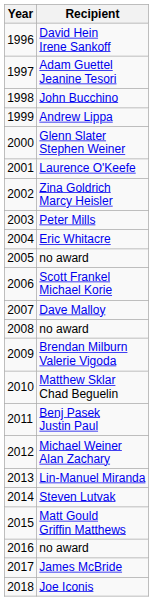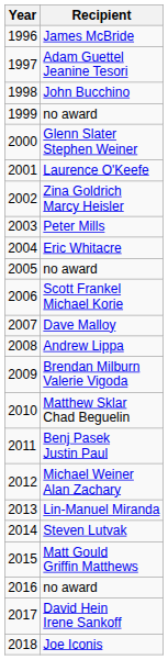 <table class="wikitable">
 <tr>
 <th>Year</th>
 <th>Recipient</th>
 </tr>
 <tr>
 <td>1996</td>
-<td><a href='#'>David Hein</a><br><a href='#'>Irene Sankoff</a></td>
+<td><a href='#'>James McBride</a></td>
 </tr>
 <tr>
 <td>1997</td>
 <td><a href='#'>Adam Guettel</a><br><a href='#'>Jeanine Tesori</a></td>
 </tr>
 <tr>
 <td>1998</td>
 <td><a href='#'>John Bucchino</a></td>
 </tr>
 <tr>
 <td>1999</td>
-<td><a href='#'>Andrew Lippa</a></td>
+<td>no award</td>
 </tr>
 <tr>
 <td>2000</td>
 <td><a href='#'>Glenn Slater</a><br><a href='#'>Stephen Weiner</a></td>
 </tr>
 <tr>
 <td>2001</td>
 <td><a href='#'>Laurence O'Keefe</a></td>
 </tr>
 <tr>
 <td>2002</td>
 <td><a href='#'>Zina Goldrich</a><br><a href='#'>Marcy Heisler</a></td>
 </tr>
 <tr>
 <td>2003</td>
 <td><a href='#'>Peter Mills</a></td>
 </tr>
 <tr>
 <td>2004</td>
 <td><a href='#'>Eric Whitacre</a></td>
 </tr>
 <tr>
 <td>2005</td>
 <td>no award</td>
 </tr>
 <tr>
 <td>2006</td>
 <td><a href='#'>Scott Frankel</a><br><a href='#'>Michael Korie</a></td>
 </tr>
 <tr>
 <td>2007</td>
 <td><a href='#'>Dave Malloy</a></td>
 </tr>
 <tr>
 <td>2008</td>
-<td>no award</td>
+<td><a href='#'>Andrew Lippa</a></td>
 </tr>
 <tr>
 <td>2009</td>
 <td><a href='#'>Brendan Milburn</a><br><a href='#'>Valerie Vigoda</a></td>
 </tr>
 <tr>
 <td>2010</td>
 <td><a href='#'>Matthew Sklar</a><br>Chad Beguelin</td>
 </tr>
 <tr>
 <td>2011</td>
 <td><a href='#'>Benj Pasek</a><br><a href='#'>Justin Paul</a></td>
 </tr>
 <tr>
 <td>2012</td>
 <td><a href='#'>Michael Weiner</a><br><a href='#'>Alan Zachary</a></td>
 </tr>
 <tr>
 <td>2013</td>
 <td><a href='#'>Lin-Manuel Miranda</a></td>
 </tr>
 <tr>
 <td>2014</td>
 <td><a href='#'>Steven Lutvak</a></td>
 </tr>
 <tr>
 <td>2015</td>
 <td><a href='#'>Matt Gould</a><br><a href='#'>Griffin Matthews</a></td>
 </tr>
 <tr>
 <td>2016</td>
 <td>no award</td>
 </tr>
 <tr>
 <td>2017</td>
-<td><a href='#'>James McBride</a></td>
+<td><a href='#'>David Hein</a><br><a href='#'>Irene Sankoff</a></td>
 </tr>
 <tr>
 <td>2018</td>
 <td><a href='#'>Joe Iconis</a></td>
 </tr>
 </table>
